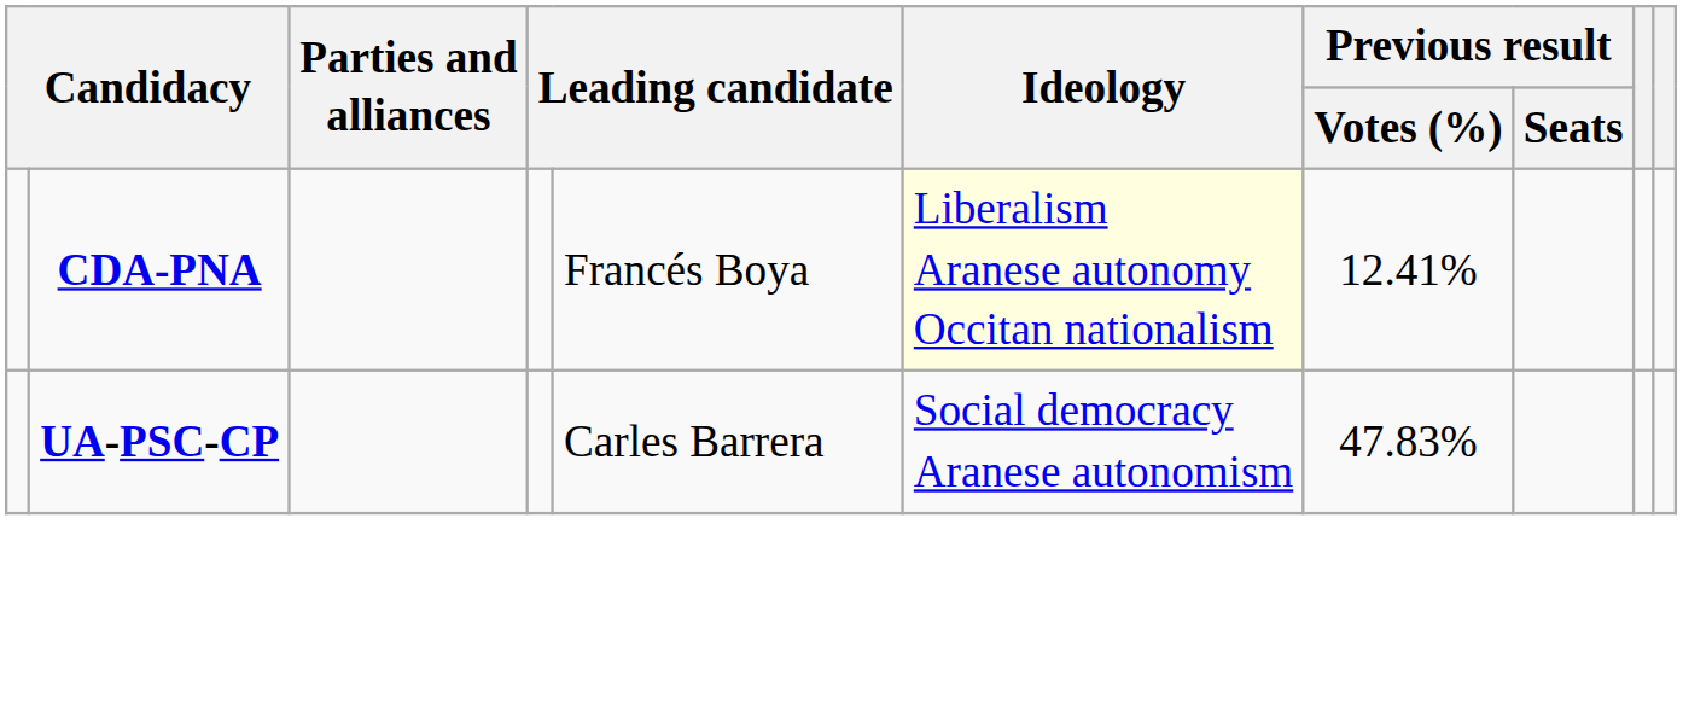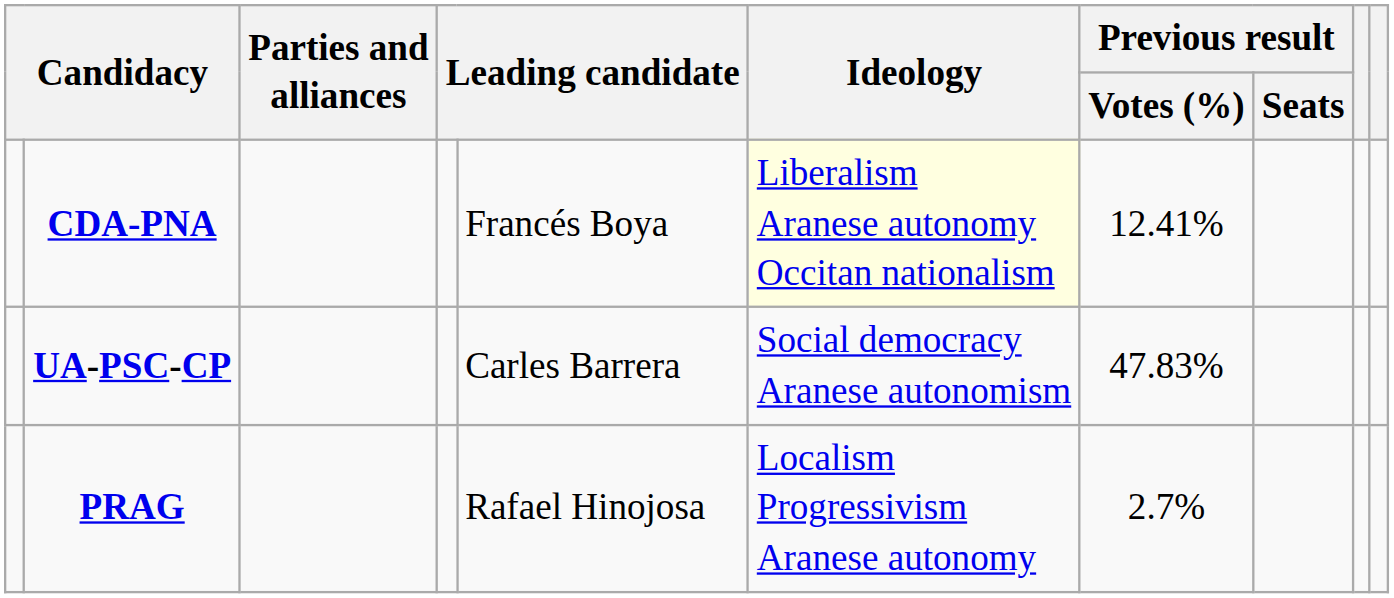 <table class="wikitable" style="line-height:1.35em; text-align:left;">
 <tr>
 <th colspan="2" rowspan="2">Candidacy</th>
 <th rowspan="2">Parties and<br>alliances</th>
 <th colspan="2" rowspan="2">Leading candidate</th>
 <th rowspan="2">Ideology</th>
 <th colspan="2">Previous result</th>
 <th rowspan="2"></th>
 <th rowspan="2"></th>
 </tr>
 <tr>
 <th>Votes (%)</th>
 <th>Seats</th>
 </tr>
 <tr>
 <td width="1" style="color:inherit;background:"></td>
 <td align="center"><strong><a href='#'>CDA-PNA</a></strong></td>
 <td></td>
 <td></td>
 <td>Francés Boya</td>
 <td style="background: lightyellow;"><a href='#'>Liberalism</a><br><a href='#'>Aranese autonomy</a><br><a href='#'>Occitan nationalism</a></td>
 <td align="center">12.41%</td>
 <td></td>
 <td></td>
 <td></td>
 </tr>
 <tr>
 <td style="color:inherit;background:"></td>
 <td align="center"><strong><a href='#'>UA</a>-<a href='#'>PSC</a>-<a href='#'>CP</a></strong></td>
 <td></td>
 <td></td>
 <td>Carles Barrera</td>
 <td><a href='#'>Social democracy</a><br><a href='#'>Aranese autonomism</a></td>
 <td align="center">47.83%</td>
 <td></td>
 <td></td>
 <td></td>
 </tr>
+<tr>
+<td style="color:inherit;background:"></td>
+<td align="center"><strong><a href='#'>PRAG</a></strong></td>
+<td></td>
+<td></td>
+<td>Rafael Hinojosa</td>
+<td><a href='#'>Localism</a><br><a href='#'>Progressivism</a><br><a href='#'>Aranese autonomy</a></td>
+<td align="center">2.7%</td>
+<td></td>
+<td></td>
+<td></td>
+</tr>
 </table>
